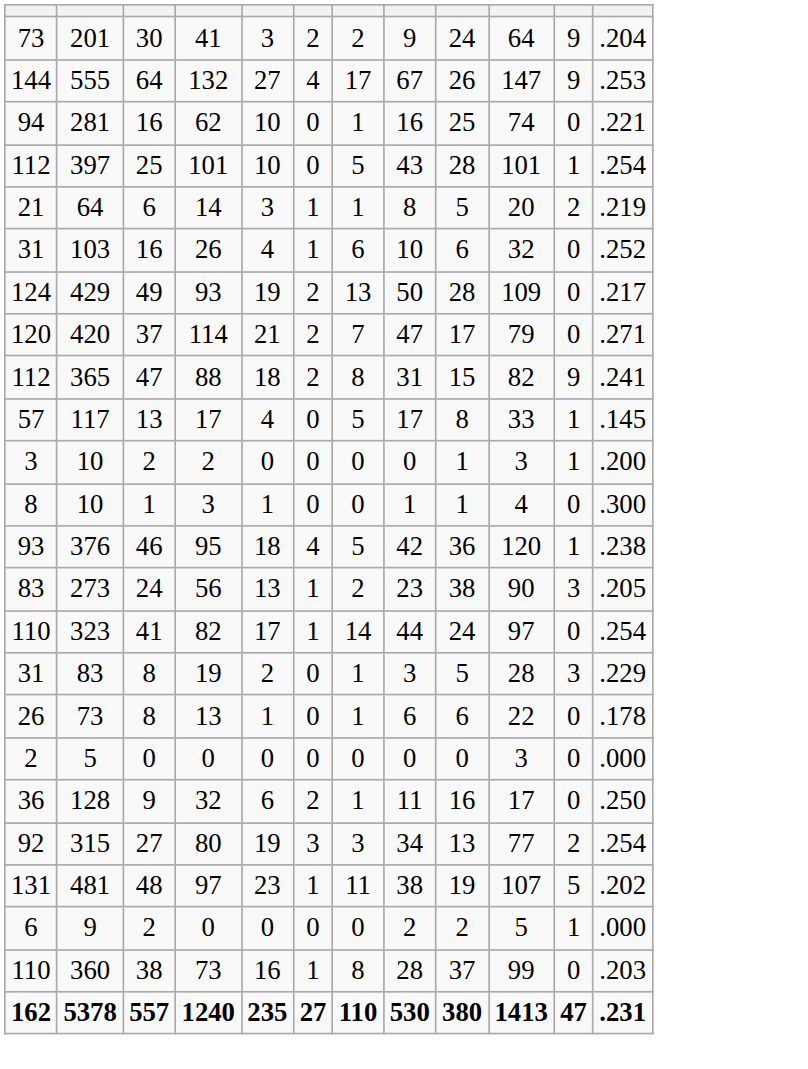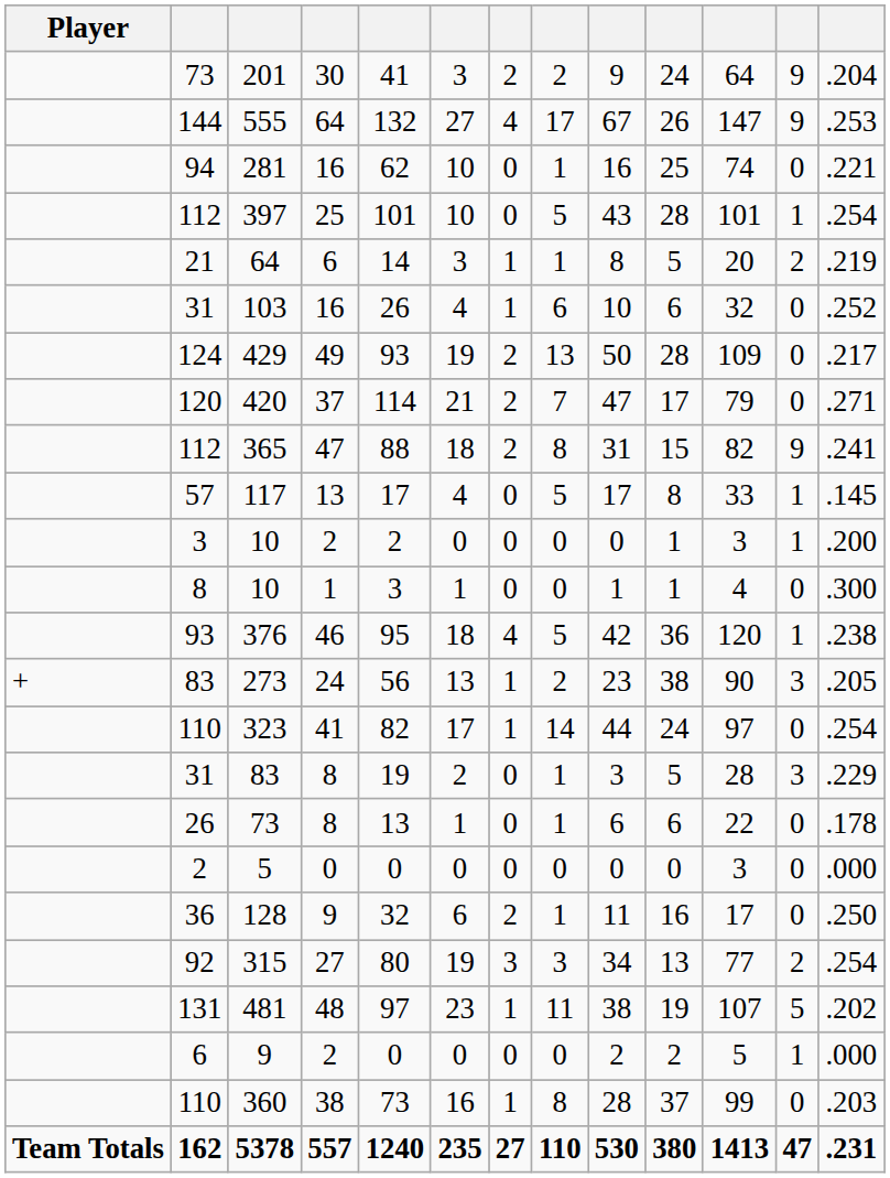 <table class="wikitable sortable" style="text-align:center;">
 <tr>
+<th>Player</th>
 <th></th>
 <th></th>
 <th></th>
 <th></th>
 <th></th>
 <th></th>
 <th></th>
 <th></th>
 <th></th>
 <th></th>
 <th></th>
 <th></th>
 </tr>
 <tr>
+<td align=left></td>
 <td>73</td>
 <td>201</td>
 <td>30</td>
 <td>41</td>
 <td>3</td>
 <td>2</td>
 <td>2</td>
 <td>9</td>
 <td>24</td>
 <td>64</td>
 <td>9</td>
 <td>.204</td>
 </tr>
 <tr>
+<td align=left></td>
 <td>144</td>
 <td>555</td>
 <td>64</td>
 <td>132</td>
 <td>27</td>
 <td>4</td>
 <td>17</td>
 <td>67</td>
 <td>26</td>
 <td>147</td>
 <td>9</td>
 <td>.253</td>
 </tr>
 <tr>
+<td align=left></td>
 <td>94</td>
 <td>281</td>
 <td>16</td>
 <td>62</td>
 <td>10</td>
 <td>0</td>
 <td>1</td>
 <td>16</td>
 <td>25</td>
 <td>74</td>
 <td>0</td>
 <td>.221</td>
 </tr>
 <tr>
+<td align=left></td>
 <td>112</td>
 <td>397</td>
 <td>25</td>
 <td>101</td>
 <td>10</td>
 <td>0</td>
 <td>5</td>
 <td>43</td>
 <td>28</td>
 <td>101</td>
 <td>1</td>
 <td>.254</td>
 </tr>
 <tr>
+<td align=left></td>
 <td>21</td>
 <td>64</td>
 <td>6</td>
 <td>14</td>
 <td>3</td>
 <td>1</td>
 <td>1</td>
 <td>8</td>
 <td>5</td>
 <td>20</td>
 <td>2</td>
 <td>.219</td>
 </tr>
 <tr>
+<td align=left></td>
 <td>31</td>
 <td>103</td>
 <td>16</td>
 <td>26</td>
 <td>4</td>
 <td>1</td>
 <td>6</td>
 <td>10</td>
 <td>6</td>
 <td>32</td>
 <td>0</td>
 <td>.252</td>
 </tr>
 <tr>
+<td align=left></td>
 <td>124</td>
 <td>429</td>
 <td>49</td>
 <td>93</td>
 <td>19</td>
 <td>2</td>
 <td>13</td>
 <td>50</td>
 <td>28</td>
 <td>109</td>
 <td>0</td>
 <td>.217</td>
 </tr>
 <tr>
+<td align=left></td>
 <td>120</td>
 <td>420</td>
 <td>37</td>
 <td>114</td>
 <td>21</td>
 <td>2</td>
 <td>7</td>
 <td>47</td>
 <td>17</td>
 <td>79</td>
 <td>0</td>
 <td>.271</td>
 </tr>
 <tr>
+<td align=left></td>
 <td>112</td>
 <td>365</td>
 <td>47</td>
 <td>88</td>
 <td>18</td>
 <td>2</td>
 <td>8</td>
 <td>31</td>
 <td>15</td>
 <td>82</td>
 <td>9</td>
 <td>.241</td>
 </tr>
 <tr>
+<td align=left></td>
 <td>57</td>
 <td>117</td>
 <td>13</td>
 <td>17</td>
 <td>4</td>
 <td>0</td>
 <td>5</td>
 <td>17</td>
 <td>8</td>
 <td>33</td>
 <td>1</td>
 <td>.145</td>
 </tr>
 <tr>
+<td align=left></td>
 <td>3</td>
 <td>10</td>
 <td>2</td>
 <td>2</td>
 <td>0</td>
 <td>0</td>
 <td>0</td>
 <td>0</td>
 <td>1</td>
 <td>3</td>
 <td>1</td>
 <td>.200</td>
 </tr>
 <tr>
+<td align=left></td>
 <td>8</td>
 <td>10</td>
 <td>1</td>
 <td>3</td>
 <td>1</td>
 <td>0</td>
 <td>0</td>
 <td>1</td>
 <td>1</td>
 <td>4</td>
 <td>0</td>
 <td>.300</td>
 </tr>
 <tr>
+<td align=left></td>
 <td>93</td>
 <td>376</td>
 <td>46</td>
 <td>95</td>
 <td>18</td>
 <td>4</td>
 <td>5</td>
 <td>42</td>
 <td>36</td>
 <td>120</td>
 <td>1</td>
 <td>.238</td>
 </tr>
 <tr>
+<td align=left>+</td>
 <td>83</td>
 <td>273</td>
 <td>24</td>
 <td>56</td>
 <td>13</td>
 <td>1</td>
 <td>2</td>
 <td>23</td>
 <td>38</td>
 <td>90</td>
 <td>3</td>
 <td>.205</td>
 </tr>
 <tr>
+<td align=left></td>
 <td>110</td>
 <td>323</td>
 <td>41</td>
 <td>82</td>
 <td>17</td>
 <td>1</td>
 <td>14</td>
 <td>44</td>
 <td>24</td>
 <td>97</td>
 <td>0</td>
 <td>.254</td>
 </tr>
 <tr>
+<td align=left></td>
 <td>31</td>
 <td>83</td>
 <td>8</td>
 <td>19</td>
 <td>2</td>
 <td>0</td>
 <td>1</td>
 <td>3</td>
 <td>5</td>
 <td>28</td>
 <td>3</td>
 <td>.229</td>
 </tr>
 <tr>
+<td align=left></td>
 <td>26</td>
 <td>73</td>
 <td>8</td>
 <td>13</td>
 <td>1</td>
 <td>0</td>
 <td>1</td>
 <td>6</td>
 <td>6</td>
 <td>22</td>
 <td>0</td>
 <td>.178</td>
 </tr>
 <tr>
+<td align=left></td>
 <td>2</td>
 <td>5</td>
 <td>0</td>
 <td>0</td>
 <td>0</td>
 <td>0</td>
 <td>0</td>
 <td>0</td>
 <td>0</td>
 <td>3</td>
 <td>0</td>
 <td>.000</td>
 </tr>
 <tr>
+<td align=left></td>
 <td>36</td>
 <td>128</td>
 <td>9</td>
 <td>32</td>
 <td>6</td>
 <td>2</td>
 <td>1</td>
 <td>11</td>
 <td>16</td>
 <td>17</td>
 <td>0</td>
 <td>.250</td>
 </tr>
 <tr>
+<td align=left></td>
 <td>92</td>
 <td>315</td>
 <td>27</td>
 <td>80</td>
 <td>19</td>
 <td>3</td>
 <td>3</td>
 <td>34</td>
 <td>13</td>
 <td>77</td>
 <td>2</td>
 <td>.254</td>
 </tr>
 <tr>
+<td align=left></td>
 <td>131</td>
 <td>481</td>
 <td>48</td>
 <td>97</td>
 <td>23</td>
 <td>1</td>
 <td>11</td>
 <td>38</td>
 <td>19</td>
 <td>107</td>
 <td>5</td>
 <td>.202</td>
 </tr>
 <tr>
+<td align=left></td>
 <td>6</td>
 <td>9</td>
 <td>2</td>
 <td>0</td>
 <td>0</td>
 <td>0</td>
 <td>0</td>
 <td>2</td>
 <td>2</td>
 <td>5</td>
 <td>1</td>
 <td>.000</td>
 </tr>
 <tr>
+<td align=left></td>
 <td>110</td>
 <td>360</td>
 <td>38</td>
 <td>73</td>
 <td>16</td>
 <td>1</td>
 <td>8</td>
 <td>28</td>
 <td>37</td>
 <td>99</td>
 <td>0</td>
 <td>.203</td>
 </tr>
 <tr>
+<td align=left><strong>Team Totals</strong></td>
 <td><strong>162</strong></td>
 <td><strong>5378</strong></td>
 <td><strong>557</strong></td>
 <td><strong>1240</strong></td>
 <td><strong>235</strong></td>
 <td><strong>27</strong></td>
 <td><strong>110</strong></td>
 <td><strong>530</strong></td>
 <td><strong>380</strong></td>
 <td><strong>1413</strong></td>
 <td><strong>47</strong></td>
 <td><strong>.231</strong></td>
 </tr>
 </table>
